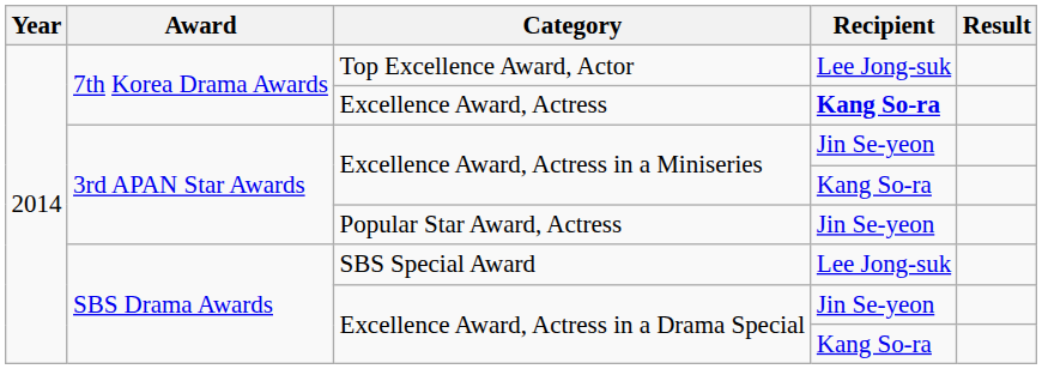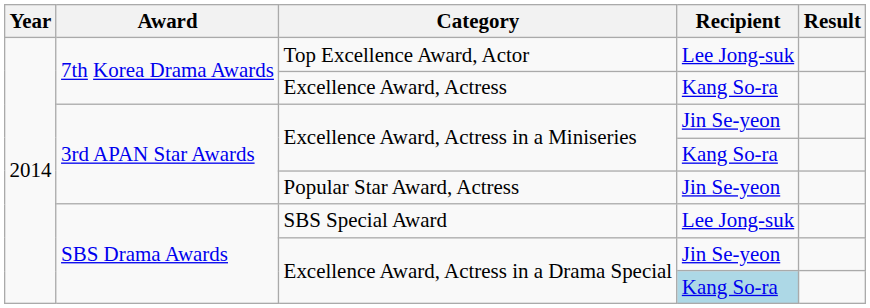 <table class="wikitable">
 <tr>
 <th>Year</th>
 <th>Award</th>
 <th>Category</th>
 <th>Recipient</th>
 <th>Result</th>
 </tr>
 <tr>
 <td rowspan="8">2014</td>
 <td rowspan="2"><a href='#'>7th</a> <a href='#'>Korea Drama Awards</a></td>
 <td>Top Excellence Award, Actor</td>
 <td><a href='#'>Lee Jong-suk</a></td>
 <td></td>
 </tr>
 <tr>
 <td>Excellence Award, Actress</td>
-<td><strong><a href='#'>Kang So-ra</a></strong></td>
+<td><a href='#'>Kang So-ra</a></td>
 <td></td>
 </tr>
 <tr>
 <td rowspan="3"><a href='#'>3rd APAN Star Awards</a></td>
 <td rowspan="2">Excellence Award, Actress in a Miniseries</td>
 <td><a href='#'>Jin Se-yeon</a></td>
 <td></td>
 </tr>
 <tr>
 <td><a href='#'>Kang So-ra</a></td>
 <td></td>
 </tr>
 <tr>
 <td>Popular Star Award, Actress</td>
 <td><a href='#'>Jin Se-yeon</a></td>
 <td></td>
 </tr>
 <tr>
 <td rowspan="3"><a href='#'>SBS Drama Awards</a></td>
 <td>SBS Special Award</td>
 <td><a href='#'>Lee Jong-suk</a></td>
 <td></td>
 </tr>
 <tr>
 <td rowspan="2">Excellence Award, Actress in a Drama Special</td>
 <td><a href='#'>Jin Se-yeon</a></td>
 <td></td>
 </tr>
 <tr>
-<td><a href='#'>Kang So-ra</a></td>
+<td style="background: lightblue;"><a href='#'>Kang So-ra</a></td>
 <td></td>
 </tr>
 </table>
